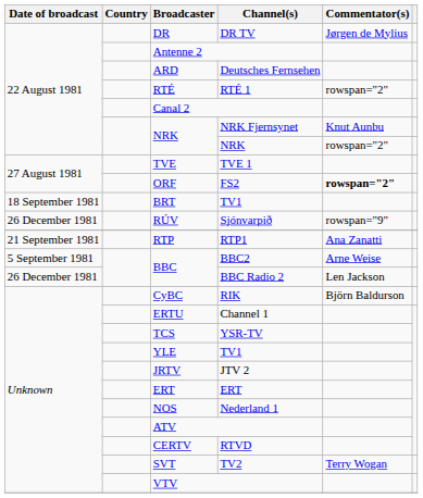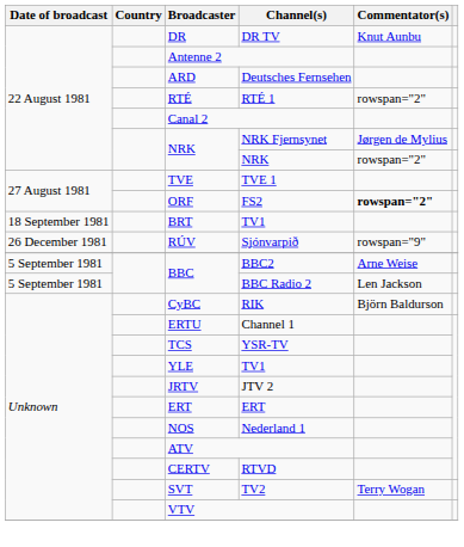 <table class="wikitable plainrowheaders">
 <tr>
 <th scope="col">Date of broadcast</th>
 <th scope="col">Country</th>
 <th scope="col">Broadcaster</th>
 <th scope="col">Channel(s)</th>
 <th scope="col">Commentator(s)</th>
 <th scope="col"></th>
 </tr>
 <tr>
 <td rowspan="7">22 August 1981</td>
 <td></td>
 <td><a href='#'>DR</a></td>
 <td><a href='#'>DR TV</a></td>
-<td><a href='#'>Jørgen de Mylius</a></td>
+<td><a href='#'>Knut Aunbu</a></td>
 <td></td>
 </tr>
 <tr>
 <td></td>
 <td colspan="2"><a href='#'>Antenne 2</a></td>
 <td></td>
 <td></td>
 </tr>
 <tr>
 <td></td>
 <td><a href='#'>ARD</a></td>
 <td><a href='#'>Deutsches Fernsehen</a></td>
 <td></td>
 <td></td>
 </tr>
 <tr>
 <td></td>
 <td><a href='#'>RTÉ</a></td>
 <td><a href='#'>RTÉ 1</a></td>
 <td>rowspan="2" </td>
 <td></td>
 </tr>
 <tr>
 <td></td>
 <td colspan="2"><a href='#'>Canal 2</a></td>
 <td></td>
 </tr>
 <tr>
 <td rowspan="2"></td>
 <td rowspan="2"><a href='#'>NRK</a></td>
 <td><a href='#'>NRK Fjernsynet</a></td>
-<td><a href='#'>Knut Aunbu</a></td>
+<td><a href='#'>Jørgen de Mylius</a></td>
 <td></td>
 </tr>
 <tr>
 <td><a href='#'>NRK</a></td>
 <td>rowspan="2" </td>
 <td></td>
 </tr>
 <tr>
 <td rowspan="2">27 August 1981</td>
 <td></td>
 <td><a href='#'>TVE</a></td>
 <td><a href='#'>TVE 1</a></td>
 <td></td>
 </tr>
 <tr>
 <td></td>
 <td><a href='#'>ORF</a></td>
 <td><a href='#'>FS2</a></td>
 <td><strong>rowspan="2" </strong></td>
 <td></td>
 </tr>
 <tr>
 <td>18 September 1981</td>
 <td></td>
 <td><a href='#'>BRT</a></td>
 <td><a href='#'>TV1</a></td>
 <td></td>
 </tr>
 <tr>
 <td>26 December 1981</td>
 <td></td>
 <td><a href='#'>RÚV</a></td>
 <td><a href='#'>Sjónvarpið</a></td>
 <td>rowspan="9" </td>
 <td></td>
 </tr>
 <tr>
 </tr>
 <tr>
-<td>21 September 1981</td>
-<td></td>
-<td><a href='#'>RTP</a></td>
-<td><a href='#'>RTP1</a></td>
-<td><a href='#'>Ana Zanatti</a></td>
-<td></td>
-</tr>
-<tr>
 <td>5 September 1981</td>
 <td rowspan="2"></td>
 <td rowspan="2"><a href='#'>BBC</a></td>
 <td><a href='#'>BBC2</a></td>
 <td><a href='#'>Arne Weise</a></td>
 <td></td>
 </tr>
 <tr>
-<td>26 December 1981</td>
+<td>5 September 1981</td>
 <td><a href='#'>BBC Radio 2</a></td>
 <td>Len Jackson</td>
 <td></td>
 </tr>
 <tr>
 <td rowspan="11"><em>Unknown</em></td>
 <td></td>
 <td><a href='#'>CyBC</a></td>
 <td><a href='#'>RIK</a></td>
 <td>Björn Baldurson</td>
 <td></td>
 </tr>
 <tr>
 <td></td>
 <td><a href='#'>ERTU</a></td>
 <td>Channel 1</td>
 <td></td>
 </tr>
 <tr>
 <td></td>
 <td><a href='#'>TCS</a></td>
 <td><a href='#'>YSR-TV</a></td>
 <td></td>
 </tr>
 <tr>
 <td></td>
 <td><a href='#'>YLE</a></td>
 <td><a href='#'>TV1</a></td>
 <td></td>
 </tr>
 <tr>
 <td></td>
 <td><a href='#'>JRTV</a></td>
 <td>JTV 2</td>
 <td></td>
 </tr>
 <tr>
 <td></td>
 <td><a href='#'>ERT</a></td>
 <td><a href='#'>ERT</a></td>
 <td></td>
 </tr>
 <tr>
 <td></td>
 <td><a href='#'>NOS</a></td>
 <td><a href='#'>Nederland 1</a></td>
 <td></td>
 </tr>
 <tr>
 <td></td>
 <td colspan="2"><a href='#'>ATV</a></td>
 <td></td>
 </tr>
 <tr>
 <td></td>
 <td><a href='#'>CERTV</a></td>
 <td><a href='#'>RTVD</a></td>
 <td></td>
 </tr>
 <tr>
 <td></td>
 <td><a href='#'>SVT</a></td>
 <td><a href='#'>TV2</a></td>
 <td><a href='#'>Terry Wogan</a></td>
 <td></td>
 </tr>
 <tr>
 <td></td>
 <td colspan="2"><a href='#'>VTV</a></td>
 <td></td>
 <td></td>
 </tr>
 <tr>
 </tr>
 </table>
